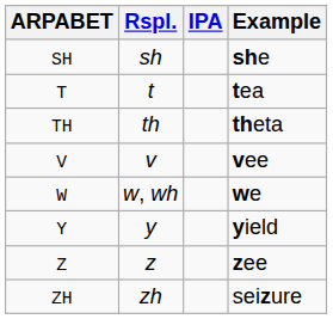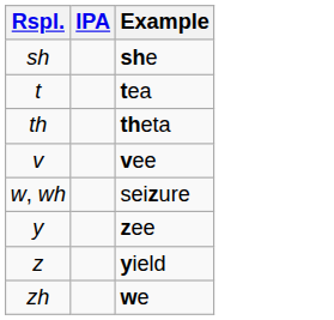 <table class="wikitable" style="display:inline-table; text-align: center;">
 <tr>
-<th colspan="1">ARPABET</th>
 <th colspan="1"><a href='#'>Rspl.</a></th>
 <th rowspan="1"><a href='#'>IPA</a></th>
 <th rowspan="1">Example</th>
 </tr>
 <tr>
-<td><code>SH</code></td>
 <td><em>sh</em></td>
 <td></td>
 <td style="text-align:left"><strong>sh</strong>e</td>
 </tr>
 <tr>
-<td><code>T</code></td>
 <td><em>t</em></td>
 <td></td>
 <td style="text-align:left"><strong>t</strong>ea</td>
 </tr>
 <tr>
-<td><code>TH</code></td>
 <td><em>th</em></td>
 <td></td>
 <td style="text-align:left"><strong>th</strong>eta</td>
 </tr>
 <tr>
-<td><code>V</code></td>
 <td><em>v</em></td>
 <td></td>
 <td style="text-align:left"><strong>v</strong>ee</td>
 </tr>
 <tr>
-<td><code>W</code></td>
 <td><em>w</em>, <em>wh</em></td>
 <td></td>
-<td style="text-align:left"><strong>w</strong>e</td>
+<td style="text-align:left">sei<strong>z</strong>ure</td>
 </tr>
 <tr>
-<td><code>Y</code></td>
 <td><em>y</em></td>
+<td></td>
+<td style="text-align:left"><strong>z</strong>ee</td>
+</tr>
+<tr>
+<td><em>z</em></td>
 <td></td>
 <td style="text-align:left"><strong>y</strong>ield</td>
 </tr>
 <tr>
-<td><code>Z</code></td>
-<td><em>z</em></td>
-<td></td>
-<td style="text-align:left"><strong>z</strong>ee</td>
-</tr>
-<tr>
-<td><code>ZH</code></td>
 <td><em>zh</em></td>
 <td></td>
-<td style="text-align:left">sei<strong>z</strong>ure</td>
+<td style="text-align:left"><strong>w</strong>e</td>
 </tr>
 </table>
